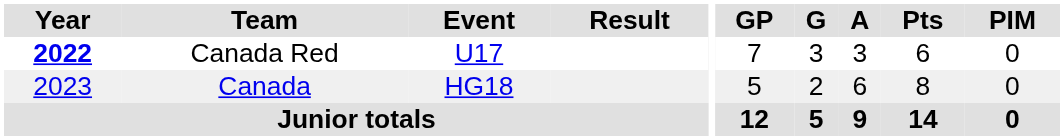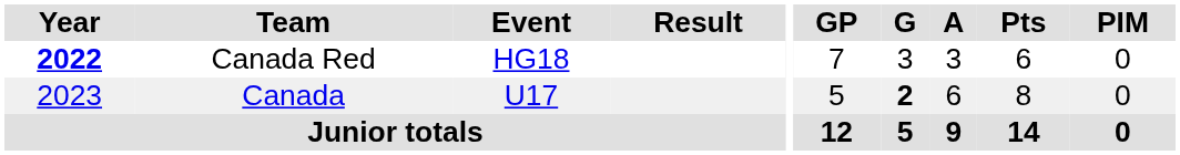 <table border="0" cellpadding="1" cellspacing="0" ID="Table3" style="text-align:center; width:40em;">
 <tr bgcolor="#e0e0e0">
 <th>Year</th>
 <th>Team</th>
 <th>Event</th>
 <th>Result</th>
 <th rowspan="101" bgcolor="#ffffff"></th>
 <th>GP</th>
 <th>G</th>
 <th>A</th>
 <th>Pts</th>
 <th>PIM</th>
 </tr>
 <tr>
 <td><strong><a href='#'>2022</a></strong></td>
 <td>Canada Red</td>
-<td><a href='#'>U17</a></td>
+<td><a href='#'>HG18</a></td>
 <td></td>
 <td>7</td>
 <td>3</td>
 <td>3</td>
 <td>6</td>
 <td>0</td>
 </tr>
 <tr bgcolor="f0f0f0">
 <td><a href='#'>2023</a></td>
 <td><a href='#'>Canada</a></td>
-<td><a href='#'>HG18</a></td>
+<td><a href='#'>U17</a></td>
 <td></td>
 <td>5</td>
-<td>2</td>
+<td><strong>2</strong></td>
 <td>6</td>
 <td>8</td>
 <td>0</td>
 </tr>
 <tr bgcolor="#e0e0e0">
 <th colspan="4">Junior totals</th>
 <th>12</th>
 <th>5</th>
 <th>9</th>
 <th>14</th>
 <th>0</th>
 </tr>
 </table>
